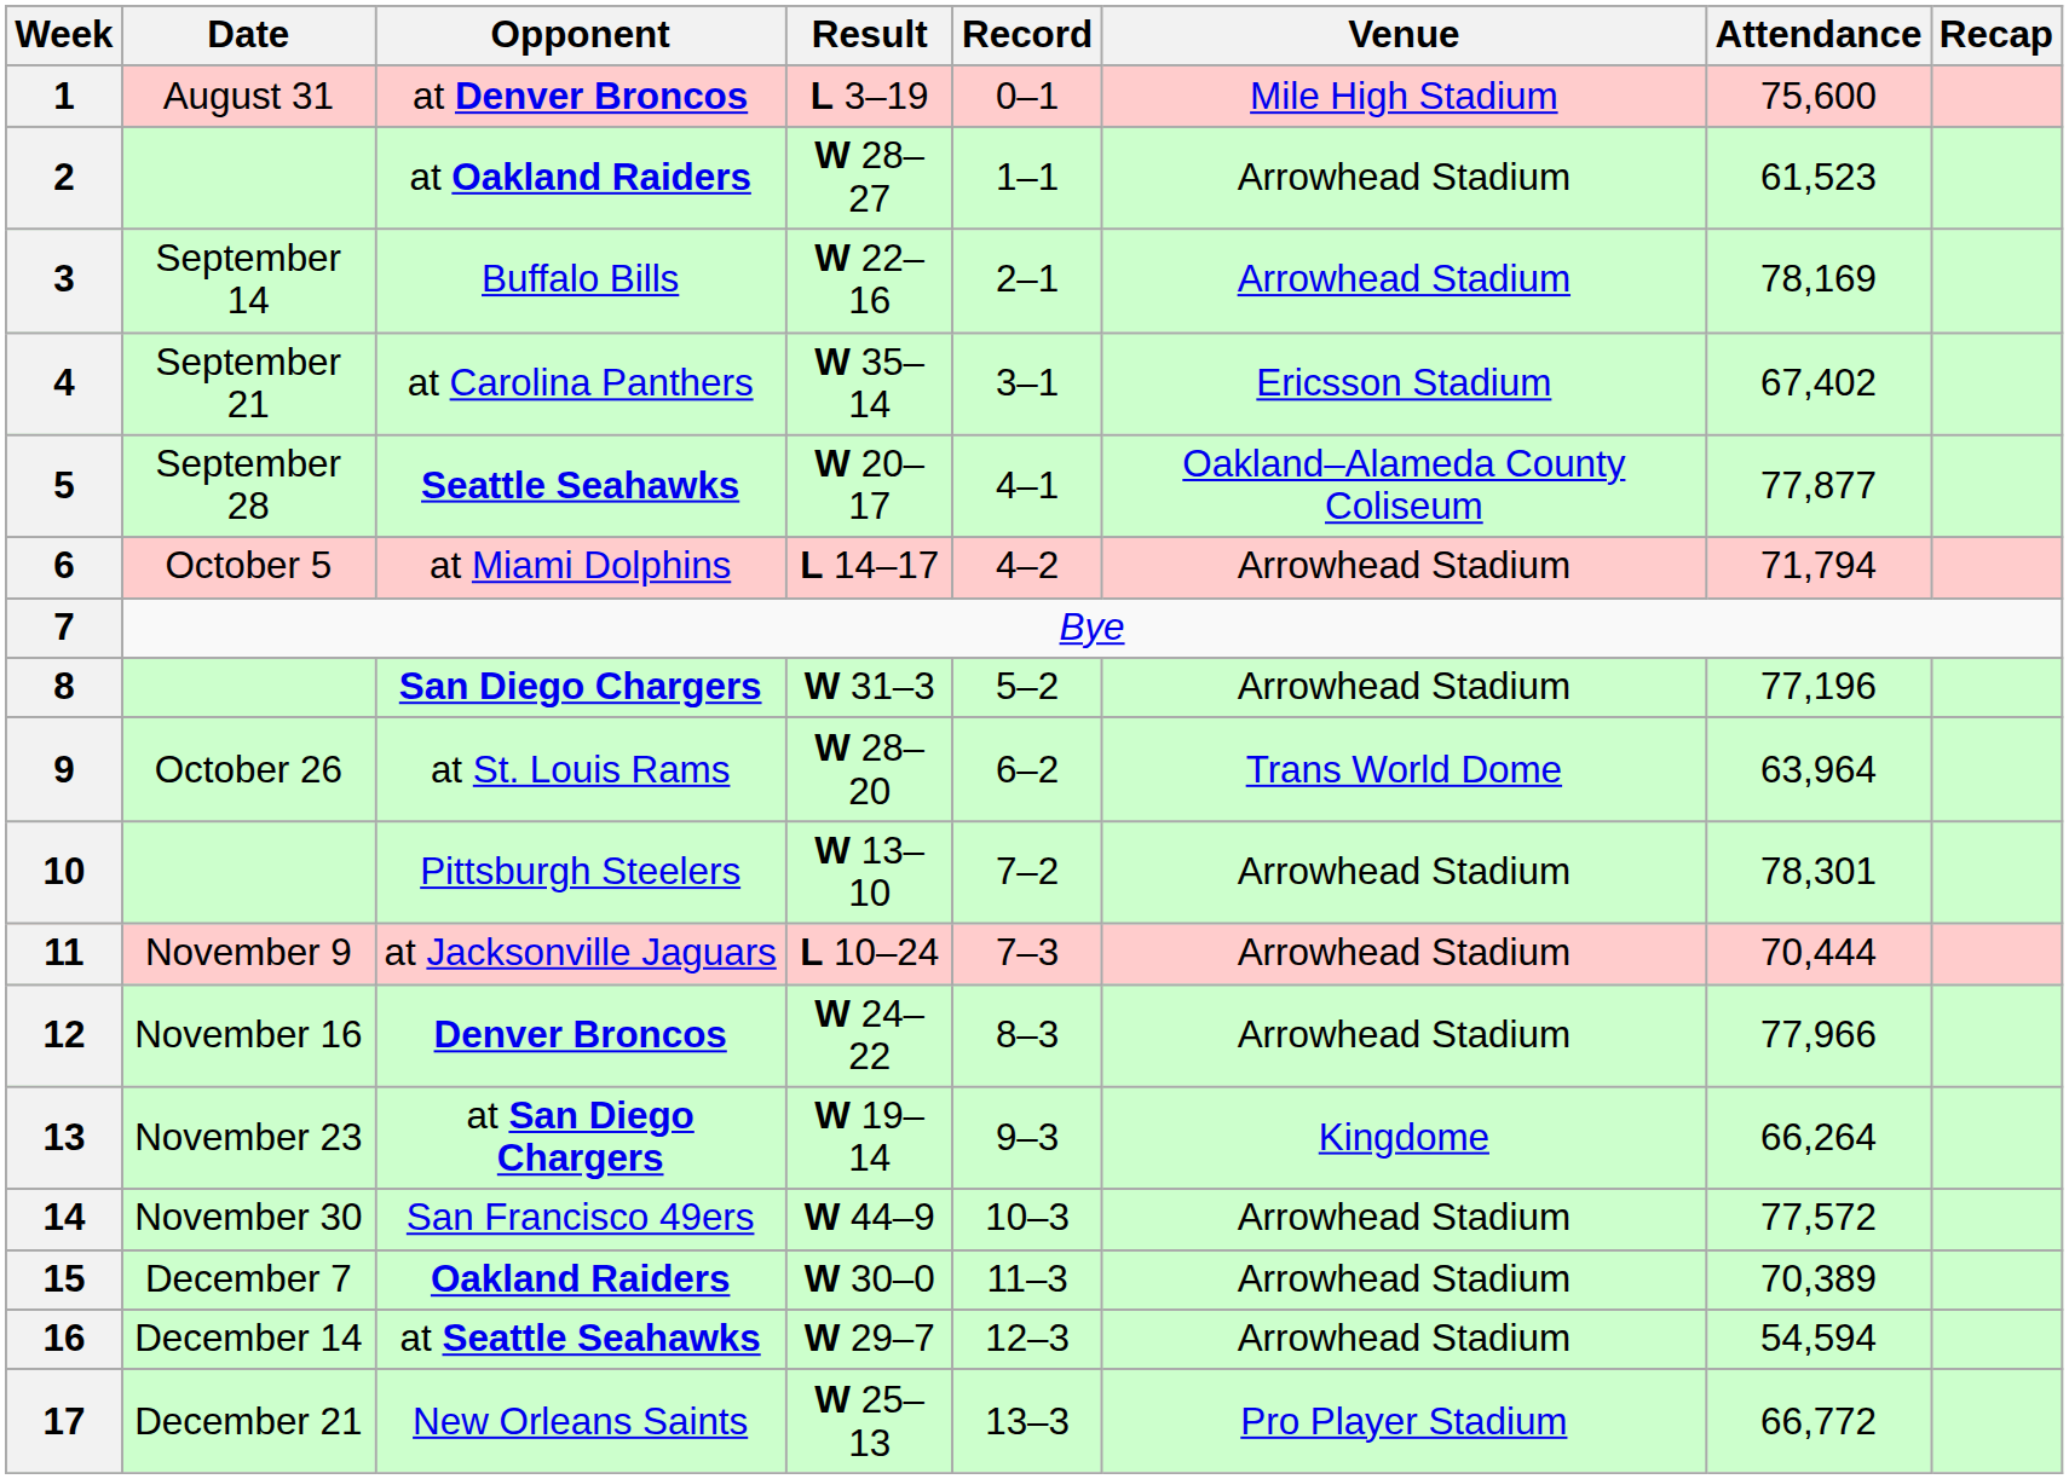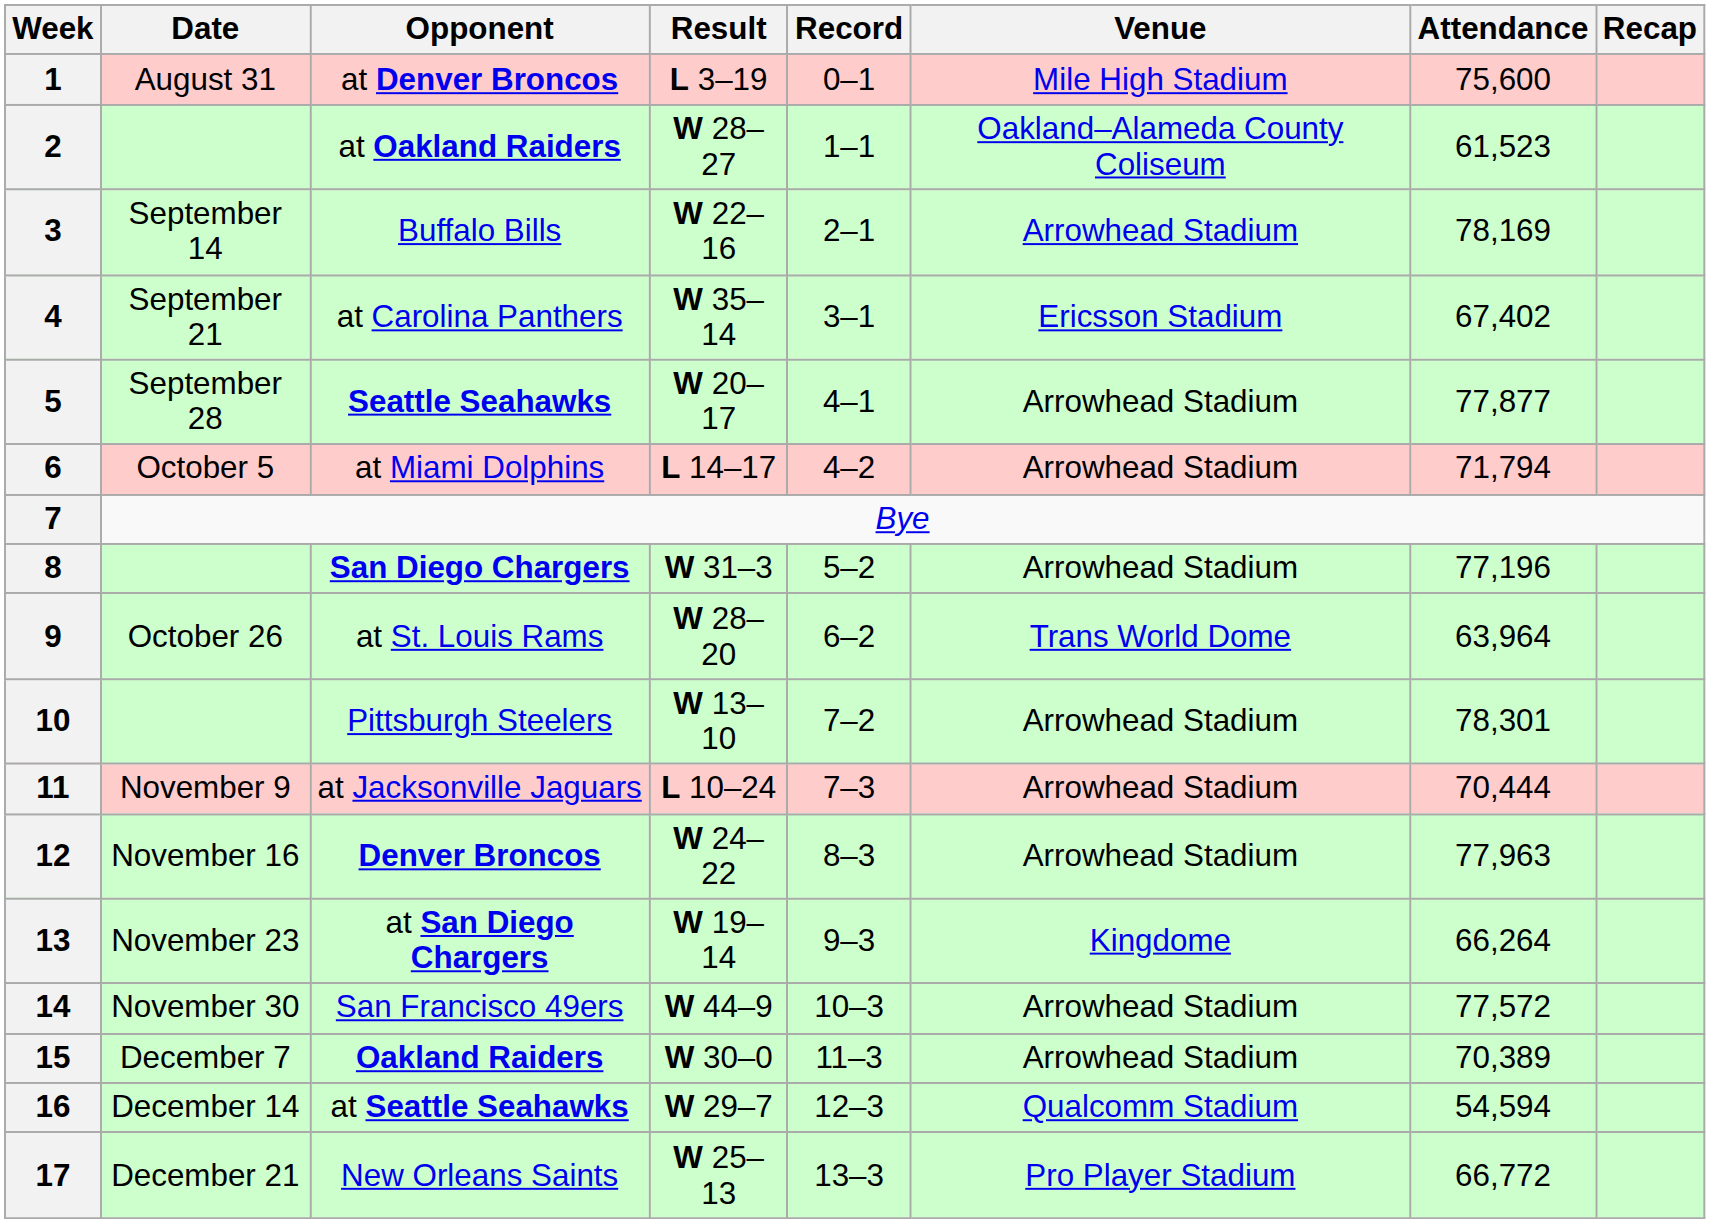 <table class="wikitable" style="text-align:center">
 <tr>
 <th>Week</th>
 <th>Date</th>
 <th>Opponent</th>
 <th>Result</th>
 <th>Record</th>
 <th>Venue</th>
 <th>Attendance</th>
 <th>Recap</th>
 </tr>
 <tr style="background:#fcc">
 <th>1</th>
 <td>August 31</td>
 <td>at <strong><a href='#'>Denver Broncos</a></strong></td>
 <td><strong>L</strong> 3–19</td>
 <td>0–1</td>
 <td><a href='#'>Mile High Stadium</a></td>
 <td>75,600</td>
 <td></td>
 </tr>
 <tr style="background:#cfc">
 <th>2</th>
 <td></td>
 <td>at <strong><a href='#'>Oakland Raiders</a></strong></td>
 <td><strong>W</strong> 28–27</td>
 <td>1–1</td>
-<td>Arrowhead Stadium</td>
+<td><a href='#'>Oakland–Alameda County Coliseum</a></td>
 <td>61,523</td>
 <td></td>
 </tr>
 <tr style="background:#cfc">
 <th>3</th>
 <td>September 14</td>
 <td><a href='#'>Buffalo Bills</a></td>
 <td><strong>W</strong> 22–16</td>
 <td>2–1</td>
 <td><a href='#'>Arrowhead Stadium</a></td>
 <td>78,169</td>
 <td></td>
 </tr>
 <tr style="background:#cfc">
 <th>4</th>
 <td>September 21</td>
 <td>at <a href='#'>Carolina Panthers</a></td>
 <td><strong>W</strong> 35–14</td>
 <td>3–1</td>
 <td><a href='#'>Ericsson Stadium</a></td>
 <td>67,402</td>
 <td></td>
 </tr>
 <tr style="background:#cfc">
 <th>5</th>
 <td>September 28</td>
 <td><strong><a href='#'>Seattle Seahawks</a></strong></td>
 <td><strong>W</strong> 20–17 </td>
 <td>4–1</td>
-<td><a href='#'>Oakland–Alameda County Coliseum</a></td>
+<td>Arrowhead Stadium</td>
 <td>77,877</td>
 <td></td>
 </tr>
 <tr style="background:#fcc">
 <th>6</th>
 <td>October 5</td>
 <td>at <a href='#'>Miami Dolphins</a></td>
 <td><strong>L</strong> 14–17</td>
 <td>4–2</td>
 <td>Arrowhead Stadium</td>
 <td>71,794</td>
 <td></td>
 </tr>
 <tr>
 <th>7</th>
 <td colspan="7"><em><a href='#'>Bye</a></em></td>
 </tr>
 <tr style="background:#cfc">
 <th>8</th>
 <td></td>
 <td><strong><a href='#'>San Diego Chargers</a></strong></td>
 <td><strong>W</strong> 31–3</td>
 <td>5–2</td>
 <td>Arrowhead Stadium</td>
 <td>77,196</td>
 <td></td>
 </tr>
 <tr style="background:#cfc">
 <th>9</th>
 <td>October 26</td>
 <td>at <a href='#'>St. Louis Rams</a></td>
 <td><strong>W</strong> 28–20</td>
 <td>6–2</td>
 <td><a href='#'>Trans World Dome</a></td>
 <td>63,964</td>
 <td></td>
 </tr>
 <tr style="background:#cfc">
 <th>10</th>
 <td></td>
 <td><a href='#'>Pittsburgh Steelers</a></td>
 <td><strong>W</strong> 13–10</td>
 <td>7–2</td>
 <td>Arrowhead Stadium</td>
 <td>78,301</td>
 <td></td>
 </tr>
 <tr style="background:#fcc">
 <th>11</th>
 <td>November 9</td>
 <td>at <a href='#'>Jacksonville Jaguars</a></td>
 <td><strong>L</strong> 10–24</td>
 <td>7–3</td>
 <td>Arrowhead Stadium</td>
 <td>70,444</td>
 <td></td>
 </tr>
 <tr style="background:#cfc">
 <th>12</th>
 <td>November 16</td>
 <td><strong><a href='#'>Denver Broncos</a></strong></td>
 <td><strong>W</strong> 24–22</td>
 <td>8–3</td>
 <td>Arrowhead Stadium</td>
-<td>77,966</td>
+<td>77,963</td>
 <td></td>
 </tr>
 <tr style="background:#cfc">
 <th>13</th>
 <td>November 23</td>
 <td>at <strong><a href='#'>San Diego Chargers</a></strong></td>
 <td><strong>W</strong> 19–14</td>
 <td>9–3</td>
 <td><a href='#'>Kingdome</a></td>
 <td>66,264</td>
 <td></td>
 </tr>
 <tr style="background:#cfc">
 <th>14</th>
 <td>November 30</td>
 <td><a href='#'>San Francisco 49ers</a></td>
 <td><strong>W</strong> 44–9</td>
 <td>10–3</td>
 <td>Arrowhead Stadium</td>
 <td>77,572</td>
 <td></td>
 </tr>
 <tr style="background:#cfc">
 <th>15</th>
 <td>December 7</td>
 <td><strong><a href='#'>Oakland Raiders</a></strong></td>
 <td><strong>W</strong> 30–0</td>
 <td>11–3</td>
 <td>Arrowhead Stadium</td>
 <td>70,389</td>
 <td></td>
 </tr>
 <tr style="background:#cfc">
 <th>16</th>
 <td>December 14</td>
 <td>at <strong><a href='#'>Seattle Seahawks</a></strong></td>
 <td><strong>W</strong> 29–7</td>
 <td>12–3</td>
-<td>Arrowhead Stadium</td>
+<td><a href='#'>Qualcomm Stadium</a></td>
 <td>54,594</td>
 <td></td>
 </tr>
 <tr style="background:#cfc">
 <th>17</th>
 <td>December 21</td>
 <td><a href='#'>New Orleans Saints</a></td>
 <td><strong>W</strong> 25–13</td>
 <td>13–3</td>
 <td><a href='#'>Pro Player Stadium</a></td>
 <td>66,772</td>
 <td></td>
 </tr>
 </table>
